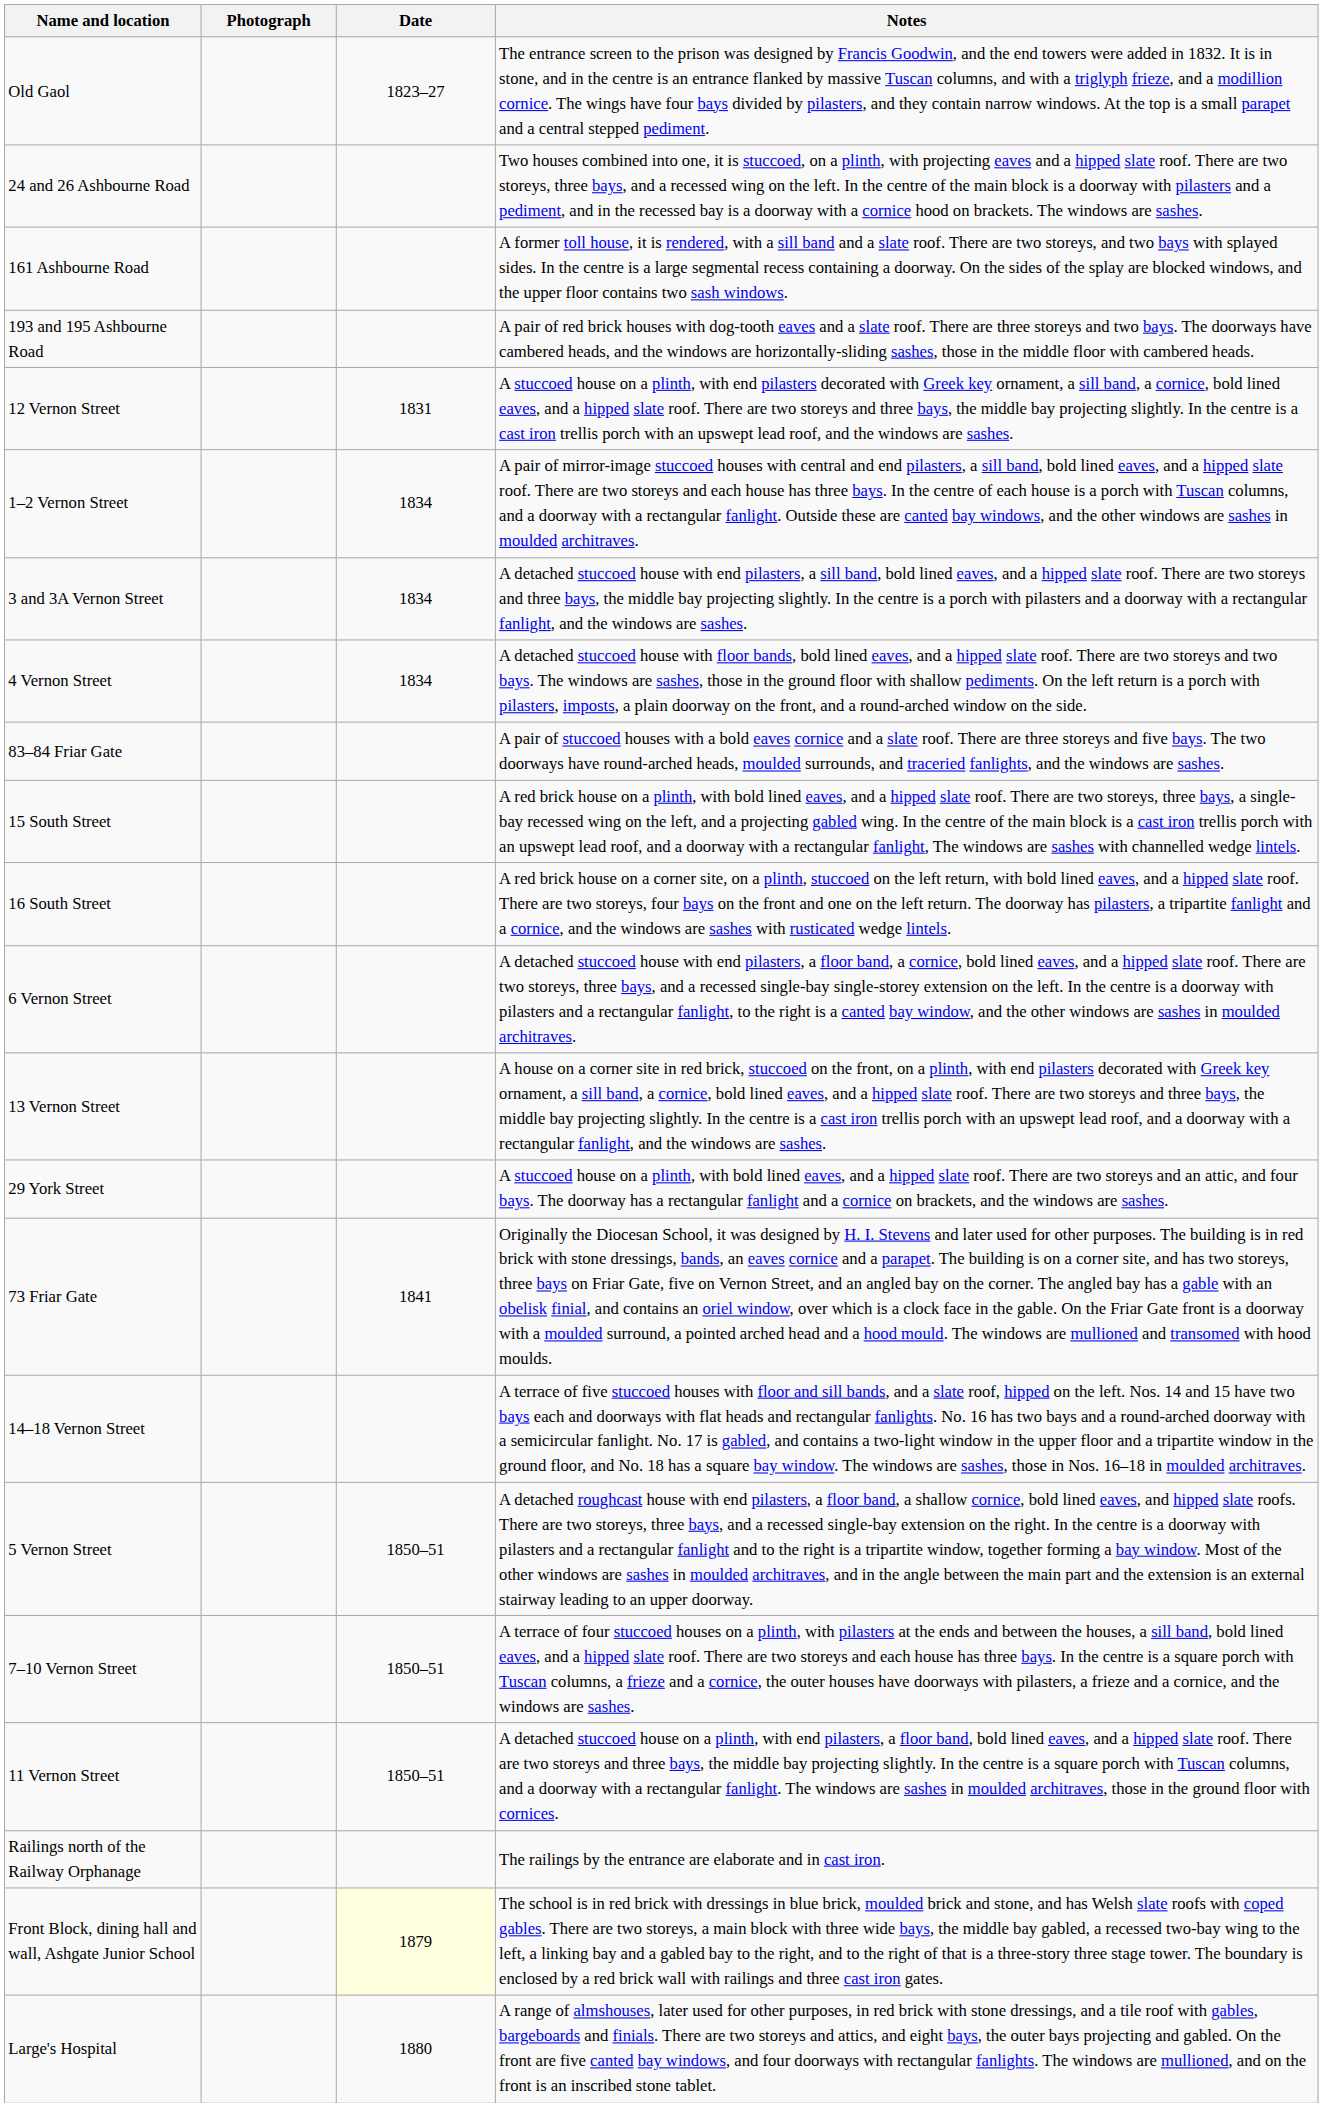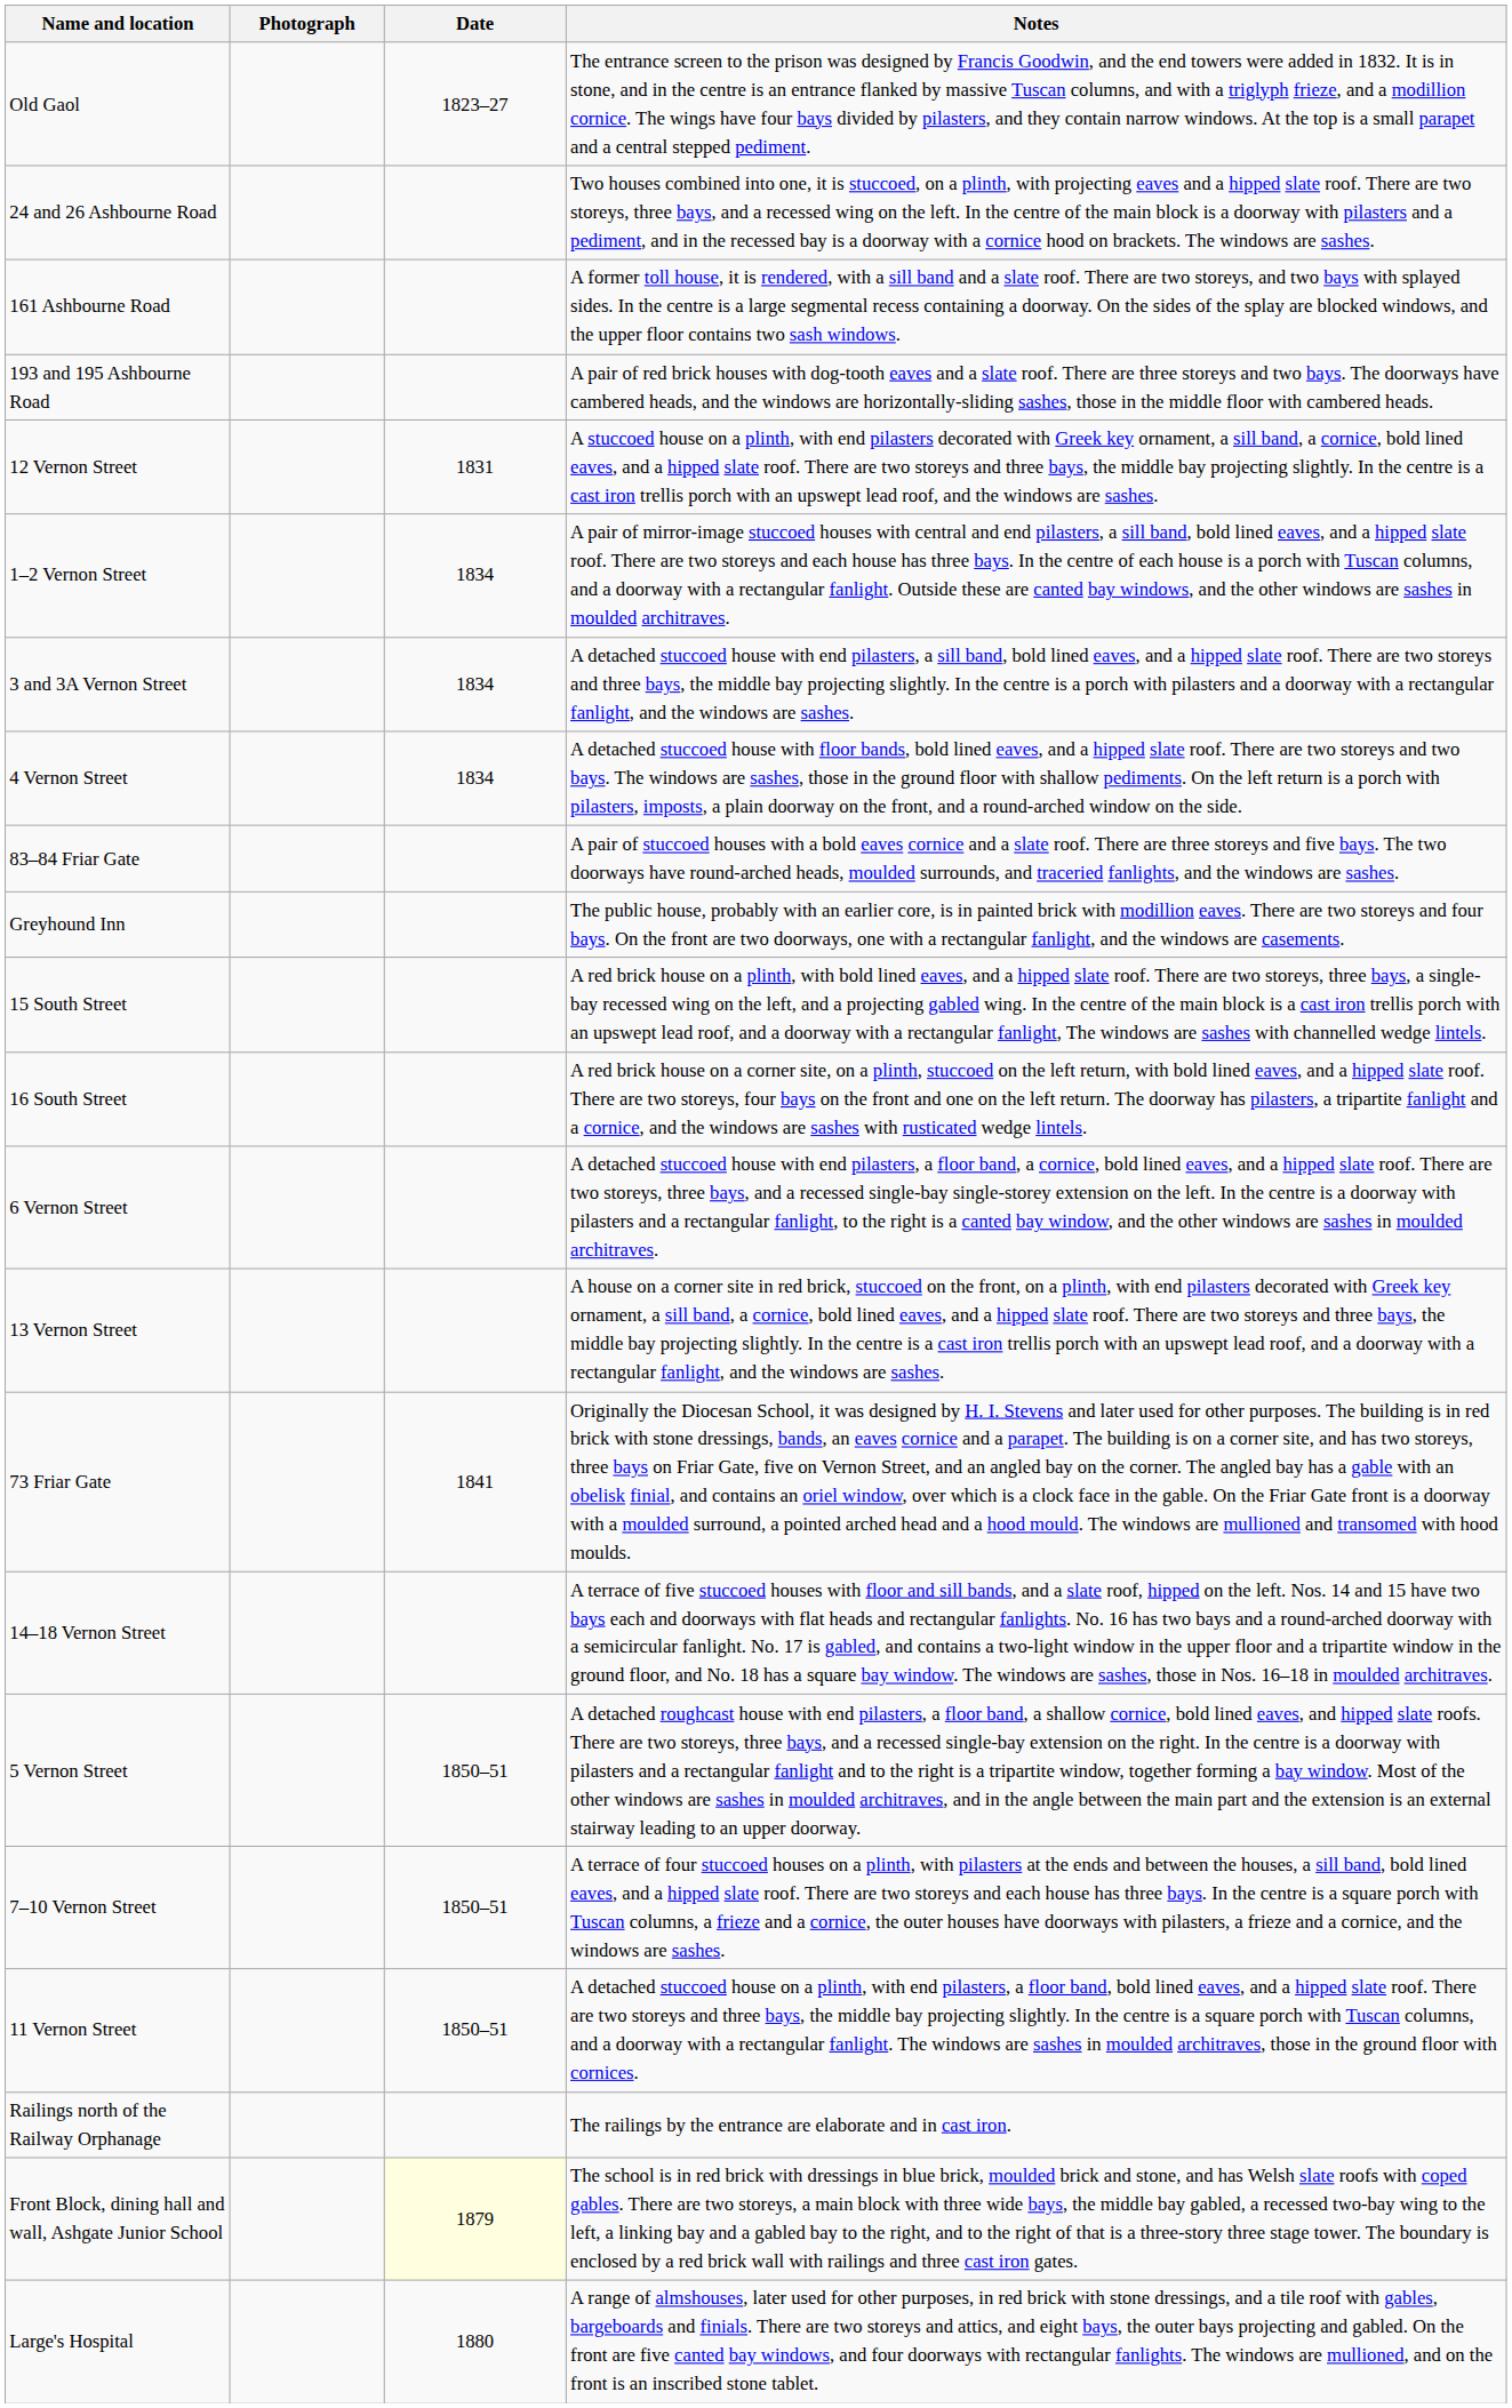 <table class="wikitable sortable plainrowheaders" style="width:100%;border:0px;text-align:left;line-height:150%;">
 <tr>
 <th scope="col"  style="width:150px">Name and location</th>
 <th scope="col"  style="width:100px" class="unsortable">Photograph</th>
 <th scope="col"  style="width:120px">Date</th>
 <th scope="col"  style="width:650px" class="unsortable">Notes</th>
 </tr>
 <tr>
 <td>Old Gaol<br><small></small></td>
 <td></td>
 <td align="center">1823–27</td>
 <td>The entrance screen to the prison was designed by <a href='#'>Francis Goodwin</a>, and the end towers were added in 1832.  It is in stone, and in the centre is an entrance flanked by massive <a href='#'>Tuscan</a> columns, and with a <a href='#'>triglyph</a> <a href='#'>frieze</a>, and a <a href='#'>modillion</a> <a href='#'>cornice</a>.  The wings have four <a href='#'>bays</a> divided by <a href='#'>pilasters</a>, and they contain narrow windows.  At the top is a small <a href='#'>parapet</a> and a central stepped <a href='#'>pediment</a>.</td>
 </tr>
 <tr>
 <td>24 and 26 Ashbourne Road<br><small></small></td>
 <td></td>
 <td align="center"></td>
 <td>Two houses combined into one, it is <a href='#'>stuccoed</a>, on a <a href='#'>plinth</a>, with projecting <a href='#'>eaves</a> and a <a href='#'>hipped</a> <a href='#'>slate</a> roof.  There are two storeys, three <a href='#'>bays</a>, and a recessed wing on the left.  In the centre of the main block is a doorway with <a href='#'>pilasters</a> and a <a href='#'>pediment</a>, and in the recessed bay is a doorway with a <a href='#'>cornice</a> hood on brackets.  The windows are <a href='#'>sashes</a>.</td>
 </tr>
 <tr>
 <td>161 Ashbourne Road<br><small></small></td>
 <td></td>
 <td align="center"></td>
 <td>A former <a href='#'>toll house</a>, it is <a href='#'>rendered</a>, with a <a href='#'>sill band</a> and a <a href='#'>slate</a> roof.  There are two storeys, and two <a href='#'>bays</a> with splayed sides.  In the centre is a large segmental recess containing a doorway.  On the sides of the splay are blocked windows, and the upper floor contains two <a href='#'>sash windows</a>.</td>
 </tr>
 <tr>
 <td>193 and 195 Ashbourne Road<br><small></small></td>
 <td></td>
 <td align="center"></td>
 <td>A pair of red brick houses with dog-tooth <a href='#'>eaves</a> and a <a href='#'>slate</a> roof.  There are three storeys and two <a href='#'>bays</a>.  The doorways have cambered heads, and the windows are horizontally-sliding <a href='#'>sashes</a>, those in the middle floor with cambered heads.</td>
 </tr>
 <tr>
 <td>12 Vernon Street<br><small></small></td>
 <td></td>
 <td align="center">1831</td>
 <td>A <a href='#'>stuccoed</a> house on a <a href='#'>plinth</a>, with end <a href='#'>pilasters</a> decorated with <a href='#'>Greek key</a> ornament, a <a href='#'>sill band</a>, a <a href='#'>cornice</a>, bold lined <a href='#'>eaves</a>, and a <a href='#'>hipped</a> <a href='#'>slate</a> roof.  There are two storeys and three <a href='#'>bays</a>, the middle bay projecting slightly.  In the centre is a <a href='#'>cast iron</a> trellis porch with an upswept lead roof, and the windows are <a href='#'>sashes</a>.</td>
 </tr>
 <tr>
 <td>1–2 Vernon Street<br><small></small></td>
 <td></td>
 <td align="center">1834</td>
 <td>A pair of mirror-image <a href='#'>stuccoed</a> houses with central and end <a href='#'>pilasters</a>, a <a href='#'>sill band</a>, bold lined <a href='#'>eaves</a>, and a <a href='#'>hipped</a> <a href='#'>slate</a> roof.  There are two storeys and each house has three <a href='#'>bays</a>.  In the centre of each house is a porch with <a href='#'>Tuscan</a> columns, and a doorway with a rectangular <a href='#'>fanlight</a>.  Outside these are <a href='#'>canted</a> <a href='#'>bay windows</a>, and the other windows are <a href='#'>sashes</a> in <a href='#'>moulded</a> <a href='#'>architraves</a>.</td>
 </tr>
 <tr>
 <td>3 and 3A Vernon Street<br><small></small></td>
 <td></td>
 <td align="center">1834</td>
 <td>A detached <a href='#'>stuccoed</a> house with end <a href='#'>pilasters</a>, a <a href='#'>sill band</a>, bold lined <a href='#'>eaves</a>, and a <a href='#'>hipped</a> <a href='#'>slate</a> roof.  There are two storeys and three <a href='#'>bays</a>, the middle bay projecting slightly.  In the centre is a porch with pilasters and a doorway with a rectangular <a href='#'>fanlight</a>, and the windows are <a href='#'>sashes</a>.</td>
 </tr>
 <tr>
 <td>4 Vernon Street<br><small></small></td>
 <td></td>
 <td align="center">1834</td>
 <td>A detached <a href='#'>stuccoed</a> house with <a href='#'>floor bands</a>, bold lined <a href='#'>eaves</a>, and a <a href='#'>hipped</a> <a href='#'>slate</a> roof. There are two storeys and two <a href='#'>bays</a>.  The windows are <a href='#'>sashes</a>, those in the ground floor with shallow <a href='#'>pediments</a>.  On the left return is a porch with <a href='#'>pilasters</a>, <a href='#'>imposts</a>, a plain doorway on the front, and a round-arched window on the side.</td>
 </tr>
 <tr>
 <td>83–84 Friar Gate<br><small></small></td>
 <td></td>
 <td align="center"></td>
 <td>A pair of <a href='#'>stuccoed</a> houses with a bold <a href='#'>eaves</a> <a href='#'>cornice</a> and a <a href='#'>slate</a> roof.  There are three storeys and five <a href='#'>bays</a>.  The two doorways have round-arched heads, <a href='#'>moulded</a> surrounds, and <a href='#'>traceried</a> <a href='#'>fanlights</a>, and the windows are <a href='#'>sashes</a>.</td>
 </tr>
 <tr>
+<td>Greyhound Inn<br><small></small></td>
+<td></td>
+<td align="center"></td>
+<td>The public house, probably with an earlier core, is in painted brick with <a href='#'>modillion</a> <a href='#'>eaves</a>.  There are two storeys and four <a href='#'>bays</a>.  On the front are two doorways, one with a rectangular <a href='#'>fanlight</a>, and the windows are <a href='#'>casements</a>.</td>
+</tr>
+<tr>
 <td>15 South Street<br><small></small></td>
 <td></td>
 <td align="center"></td>
 <td>A red brick house on a <a href='#'>plinth</a>, with bold lined <a href='#'>eaves</a>, and a <a href='#'>hipped</a> <a href='#'>slate</a> roof. There are two storeys, three <a href='#'>bays</a>, a single-bay recessed wing on the left, and a projecting <a href='#'>gabled</a> wing.  In the centre of the main block is a <a href='#'>cast iron</a> trellis porch with an upswept lead roof, and a doorway with a rectangular <a href='#'>fanlight</a>,   The windows are <a href='#'>sashes</a> with channelled wedge <a href='#'>lintels</a>.</td>
 </tr>
 <tr>
 <td>16 South Street<br><small></small></td>
 <td></td>
 <td align="center"></td>
 <td>A red brick house on a corner site, on a <a href='#'>plinth</a>, <a href='#'>stuccoed</a> on the left return, with bold lined <a href='#'>eaves</a>, and a <a href='#'>hipped</a> <a href='#'>slate</a> roof.  There are two storeys, four <a href='#'>bays</a> on the front and one on the left return.  The doorway has <a href='#'>pilasters</a>, a tripartite <a href='#'>fanlight</a> and a <a href='#'>cornice</a>, and the windows are <a href='#'>sashes</a> with <a href='#'>rusticated</a> wedge <a href='#'>lintels</a>.</td>
 </tr>
 <tr>
 <td>6 Vernon Street<br><small></small></td>
 <td></td>
 <td align="center"></td>
 <td>A detached <a href='#'>stuccoed</a> house with end <a href='#'>pilasters</a>, a <a href='#'>floor band</a>, a <a href='#'>cornice</a>, bold lined <a href='#'>eaves</a>, and a <a href='#'>hipped</a> <a href='#'>slate</a> roof. There are two storeys, three <a href='#'>bays</a>, and a recessed single-bay single-storey extension on the left.  In the centre is a doorway with pilasters and a rectangular <a href='#'>fanlight</a>, to the right is a <a href='#'>canted</a> <a href='#'>bay window</a>, and the other windows are <a href='#'>sashes</a> in <a href='#'>moulded</a> <a href='#'>architraves</a>.</td>
 </tr>
 <tr>
 <td>13 Vernon Street<br><small></small></td>
 <td></td>
 <td align="center"></td>
 <td>A house on a corner site in red brick, <a href='#'>stuccoed</a> on the front, on a <a href='#'>plinth</a>, with end <a href='#'>pilasters</a> decorated with <a href='#'>Greek key</a> ornament, a <a href='#'>sill band</a>, a <a href='#'>cornice</a>, bold lined <a href='#'>eaves</a>, and a <a href='#'>hipped</a> <a href='#'>slate</a> roof.  There are two storeys and three <a href='#'>bays</a>, the middle bay projecting slightly.  In the centre is a <a href='#'>cast iron</a> trellis porch with an upswept lead roof, and a doorway with a rectangular <a href='#'>fanlight</a>, and the windows are <a href='#'>sashes</a>.</td>
-</tr>
-<tr>
-<td>29 York Street<br><small></small></td>
-<td></td>
-<td align="center"></td>
-<td>A <a href='#'>stuccoed</a> house on a <a href='#'>plinth</a>, with bold lined <a href='#'>eaves</a>, and a <a href='#'>hipped</a> <a href='#'>slate</a> roof.  There are two storeys and an attic, and four <a href='#'>bays</a>.  The doorway has a rectangular <a href='#'>fanlight</a> and a <a href='#'>cornice</a> on brackets, and the windows are <a href='#'>sashes</a>.</td>
 </tr>
 <tr>
 <td>73 Friar Gate<br><small></small></td>
 <td></td>
 <td align="center">1841</td>
 <td>Originally the Diocesan School, it was designed by <a href='#'>H. I. Stevens</a> and later used for other purposes.  The building is in red brick with stone dressings, <a href='#'>bands</a>, an <a href='#'>eaves</a> <a href='#'>cornice</a> and a <a href='#'>parapet</a>.  The building is on a corner site, and has two storeys, three <a href='#'>bays</a> on Friar Gate, five on Vernon Street, and an angled bay on the corner.  The angled bay has a <a href='#'>gable</a> with an <a href='#'>obelisk</a> <a href='#'>finial</a>, and contains an <a href='#'>oriel window</a>, over which is a clock face in the gable.  On the Friar Gate front is a doorway with a <a href='#'>moulded</a> surround, a pointed arched head and a <a href='#'>hood mould</a>.  The windows are <a href='#'>mullioned</a> and <a href='#'>transomed</a> with hood moulds.</td>
 </tr>
 <tr>
 <td>14–18 Vernon Street<br><small></small></td>
 <td></td>
 <td align="center"></td>
 <td>A terrace of five <a href='#'>stuccoed</a> houses with <a href='#'>floor and sill bands</a>, and a <a href='#'>slate</a> roof, <a href='#'>hipped</a> on the left.  Nos. 14 and 15 have two <a href='#'>bays</a> each and doorways with flat heads and rectangular <a href='#'>fanlights</a>.  No. 16 has two bays and a round-arched doorway with a semicircular fanlight.  No. 17 is <a href='#'>gabled</a>, and contains a two-light window in the upper floor and a tripartite window in the ground floor, and No. 18 has a square <a href='#'>bay window</a>.  The windows are <a href='#'>sashes</a>, those in Nos. 16–18 in <a href='#'>moulded</a> <a href='#'>architraves</a>.</td>
 </tr>
 <tr>
 <td>5 Vernon Street<br><small></small></td>
 <td></td>
 <td align="center">1850–51</td>
 <td>A detached <a href='#'>roughcast</a> house with end <a href='#'>pilasters</a>, a <a href='#'>floor band</a>, a shallow <a href='#'>cornice</a>, bold lined <a href='#'>eaves</a>, and <a href='#'>hipped</a> <a href='#'>slate</a> roofs. There are two storeys, three <a href='#'>bays</a>, and a recessed single-bay extension on the right.  In the centre is a doorway with pilasters and a rectangular <a href='#'>fanlight</a> and to the right is a tripartite window, together forming a <a href='#'>bay window</a>.  Most of the other windows are <a href='#'>sashes</a> in <a href='#'>moulded</a> <a href='#'>architraves</a>, and in the angle between the main part and the extension is an external stairway leading to an upper doorway.</td>
 </tr>
 <tr>
 <td>7–10 Vernon Street<br><small></small></td>
 <td></td>
 <td align="center">1850–51</td>
 <td>A terrace of four <a href='#'>stuccoed</a> houses on a <a href='#'>plinth</a>, with <a href='#'>pilasters</a> at the ends and between the houses, a <a href='#'>sill band</a>, bold lined <a href='#'>eaves</a>, and a <a href='#'>hipped</a> <a href='#'>slate</a> roof.  There are two storeys and each house has three <a href='#'>bays</a>.  In the centre is a square porch with <a href='#'>Tuscan</a> columns, a <a href='#'>frieze</a> and a <a href='#'>cornice</a>, the outer houses have doorways with pilasters, a frieze and a cornice, and the windows are <a href='#'>sashes</a>.</td>
 </tr>
 <tr>
 <td>11 Vernon Street<br><small></small></td>
 <td></td>
 <td align="center">1850–51</td>
 <td>A detached <a href='#'>stuccoed</a> house on a <a href='#'>plinth</a>, with end <a href='#'>pilasters</a>, a <a href='#'>floor band</a>, bold lined <a href='#'>eaves</a>, and a <a href='#'>hipped</a> <a href='#'>slate</a> roof.  There are two storeys and three <a href='#'>bays</a>, the middle bay projecting slightly.  In the centre is a square porch with <a href='#'>Tuscan</a> columns, and a doorway with a rectangular <a href='#'>fanlight</a>.  The windows are <a href='#'>sashes</a> in <a href='#'>moulded</a> <a href='#'>architraves</a>, those in the ground floor with <a href='#'>cornices</a>.</td>
 </tr>
 <tr>
 <td>Railings north of the Railway Orphanage<br><small></small></td>
 <td></td>
 <td align="center"></td>
 <td>The railings by the entrance are elaborate and in <a href='#'>cast iron</a>.</td>
 </tr>
 <tr>
 <td>Front Block, dining hall and wall, Ashgate Junior School<br><small></small></td>
 <td></td>
 <td align="center" style="background: lightyellow;">1879</td>
 <td>The school is in red brick with dressings in blue brick, <a href='#'>moulded</a> brick and stone, and has Welsh <a href='#'>slate</a> roofs with <a href='#'>coped</a> <a href='#'>gables</a>.  There are two storeys, a main block with three wide <a href='#'>bays</a>, the middle bay gabled, a recessed two-bay wing to the left, a linking bay and a gabled bay to the right, and to the right of that is a three-story three stage tower.  The boundary is enclosed by a red brick wall with railings and three <a href='#'>cast iron</a> gates.</td>
 </tr>
 <tr>
 <td>Large's Hospital<br><small></small></td>
 <td></td>
 <td align="center">1880</td>
 <td>A range of <a href='#'>almshouses</a>, later used for other purposes, in red brick with stone dressings, and a tile roof with <a href='#'>gables</a>, <a href='#'>bargeboards</a> and <a href='#'>finials</a>.  There are two storeys and attics, and eight <a href='#'>bays</a>, the outer bays projecting and gabled.  On the front are five <a href='#'>canted</a> <a href='#'>bay windows</a>, and four doorways with rectangular <a href='#'>fanlights</a>.  The windows are <a href='#'>mullioned</a>, and on the front is an inscribed stone tablet.</td>
 </tr>
 <tr>
 </tr>
 </table>
